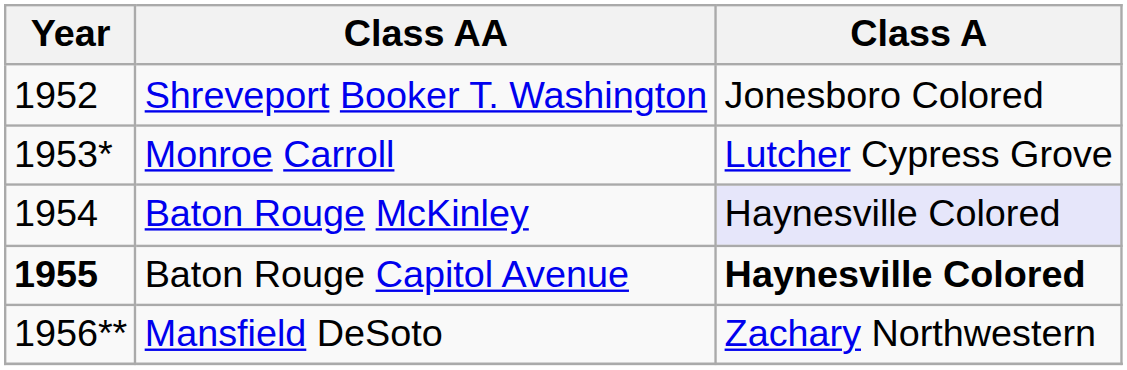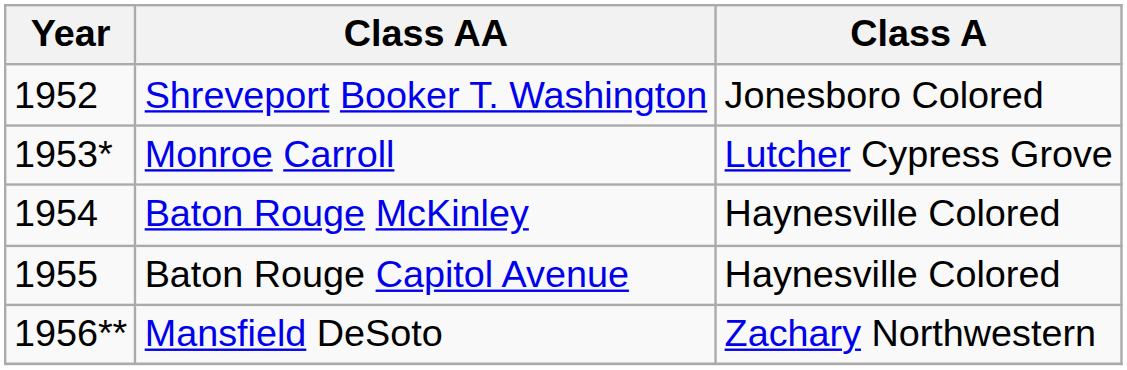 <table class="wikitable sortable">
 <tr>
 <th>Year</th>
 <th>Class AA</th>
 <th>Class A</th>
 </tr>
 <tr>
 <td>1952</td>
 <td><a href='#'>Shreveport</a> <a href='#'>Booker T. Washington</a></td>
 <td>Jonesboro Colored</td>
 </tr>
 <tr>
 <td>1953*</td>
 <td><a href='#'>Monroe</a> <a href='#'>Carroll</a></td>
 <td><a href='#'>Lutcher</a> Cypress Grove</td>
 </tr>
 <tr>
 <td>1954</td>
 <td><a href='#'>Baton Rouge</a> <a href='#'>McKinley</a></td>
-<td style="background: lavender;">Haynesville Colored</td>
+<td>Haynesville Colored</td>
 </tr>
 <tr>
-<td><strong>1955</strong></td>
+<td>1955</td>
 <td>Baton Rouge <a href='#'>Capitol Avenue</a></td>
-<td><strong>Haynesville Colored</strong></td>
+<td>Haynesville Colored</td>
 </tr>
 <tr>
 <td>1956**</td>
 <td><a href='#'>Mansfield</a> DeSoto</td>
 <td><a href='#'>Zachary</a> Northwestern</td>
 </tr>
 <tr>
 </tr>
 </table>
